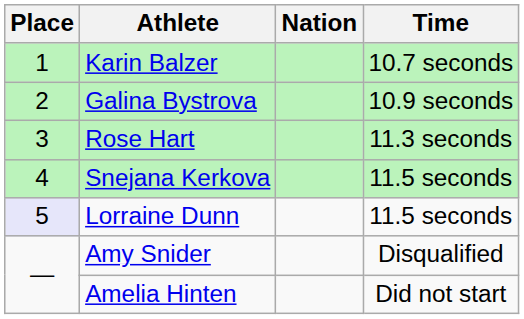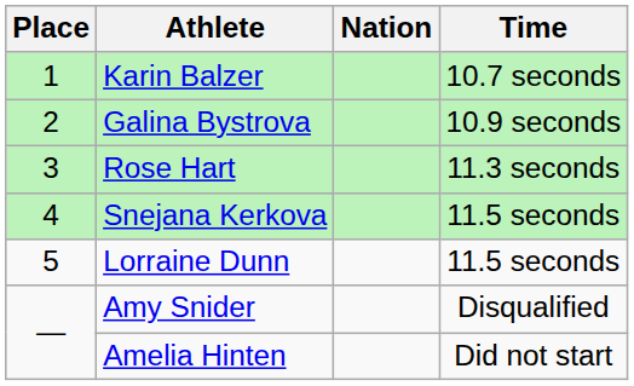 <table class="wikitable sortable" style="text-align:center">
 <tr>
 <th>Place</th>
 <th>Athlete</th>
 <th>Nation</th>
 <th>Time</th>
 </tr>
 <tr bgcolor=bbf3bb>
 <td>1</td>
 <td align=left><a href='#'>Karin Balzer</a></td>
 <td align=left></td>
 <td>10.7 seconds</td>
 </tr>
 <tr bgcolor=bbf3bb>
 <td>2</td>
 <td align=left><a href='#'>Galina Bystrova</a></td>
 <td align=left></td>
 <td>10.9 seconds</td>
 </tr>
 <tr bgcolor=bbf3bb>
 <td>3</td>
 <td align=left><a href='#'>Rose Hart</a></td>
 <td align=left></td>
 <td>11.3 seconds</td>
 </tr>
 <tr bgcolor=bbf3bb>
 <td>4</td>
 <td align=left><a href='#'>Snejana Kerkova</a></td>
 <td align=left></td>
 <td>11.5 seconds</td>
 </tr>
 <tr>
-<td style="background: lavender;">5</td>
+<td>5</td>
 <td align=left><a href='#'>Lorraine Dunn</a></td>
 <td align=left></td>
 <td>11.5 seconds</td>
 </tr>
 <tr>
 <td rowspan=2>—</td>
 <td align=left><a href='#'>Amy Snider</a></td>
 <td align=left></td>
 <td>Disqualified</td>
 </tr>
 <tr>
 <td align=left><a href='#'>Amelia Hinten</a></td>
 <td align=left></td>
 <td>Did not start</td>
 </tr>
 </table>
